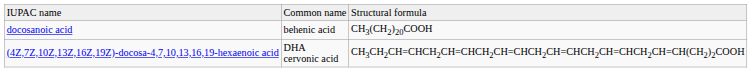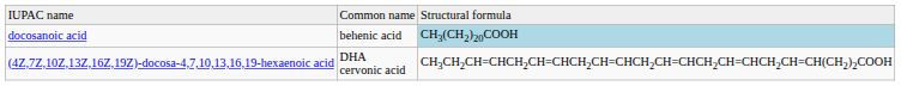 <table class="wikitable">
 <tr bgcolor="#efefef">
 <td>IUPAC name</td>
 <td>Common name</td>
 <td>Structural formula</td>
 </tr>
 <tr>
 <td><a href='#'>docosanoic acid</a></td>
 <td>behenic acid</td>
-<td>CH<sub>3</sub>(CH<sub>2</sub>)<sub>20</sub>COOH</td>
+<td style="background: lightblue;">CH<sub>3</sub>(CH<sub>2</sub>)<sub>20</sub>COOH</td>
 </tr>
 <tr>
 <td><a href='#'>(4Z,7Z,10Z,13Z,16Z,19Z)-docosa-4,7,10,13,16,19-hexaenoic acid</a></td>
 <td>DHA<br>cervonic acid</td>
 <td>CH<sub>3</sub>CH<sub>2</sub>CH=CHCH<sub>2</sub>CH=CHCH<sub>2</sub>CH=CHCH<sub>2</sub>CH=CHCH<sub>2</sub>CH=CHCH<sub>2</sub>CH=CH(CH<sub>2</sub>)<sub>2</sub>COOH</td>
 </tr>
 </table>
